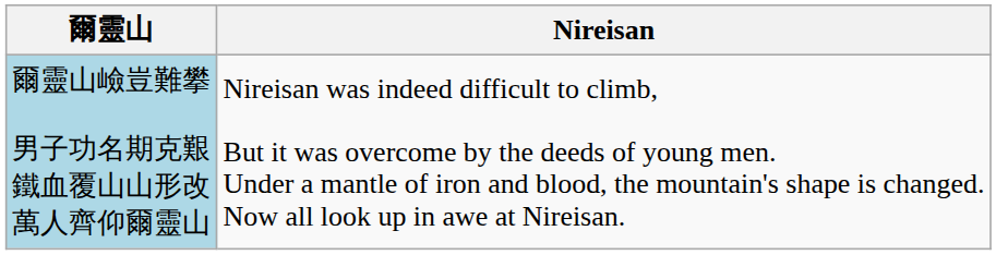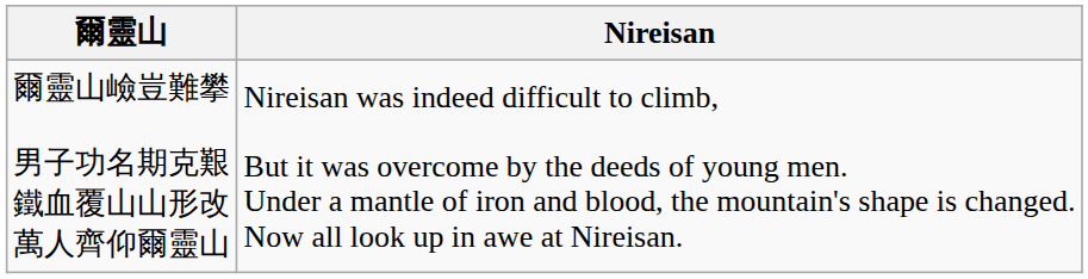 <table class="wikitable" style="margin:auto">
 <tr>
 <th>爾靈山</th>
 <th>Nireisan</th>
 </tr>
 <tr>
-<td align=left style="background: lightblue;">爾靈山嶮豈難攀<br><br>男子功名期克艱<br> 鐵血覆山山形改<br> 萬人齊仰爾靈山</td>
+<td align=left>爾靈山嶮豈難攀<br><br>男子功名期克艱<br> 鐵血覆山山形改<br> 萬人齊仰爾靈山</td>
 <td align=left>Nireisan was indeed difficult to climb,<br><br>But it was overcome by the deeds of young men.<br> Under a mantle of iron and blood, the mountain's shape is changed.<br> Now all look up in awe at Nireisan.</td>
 </tr>
 </table>
